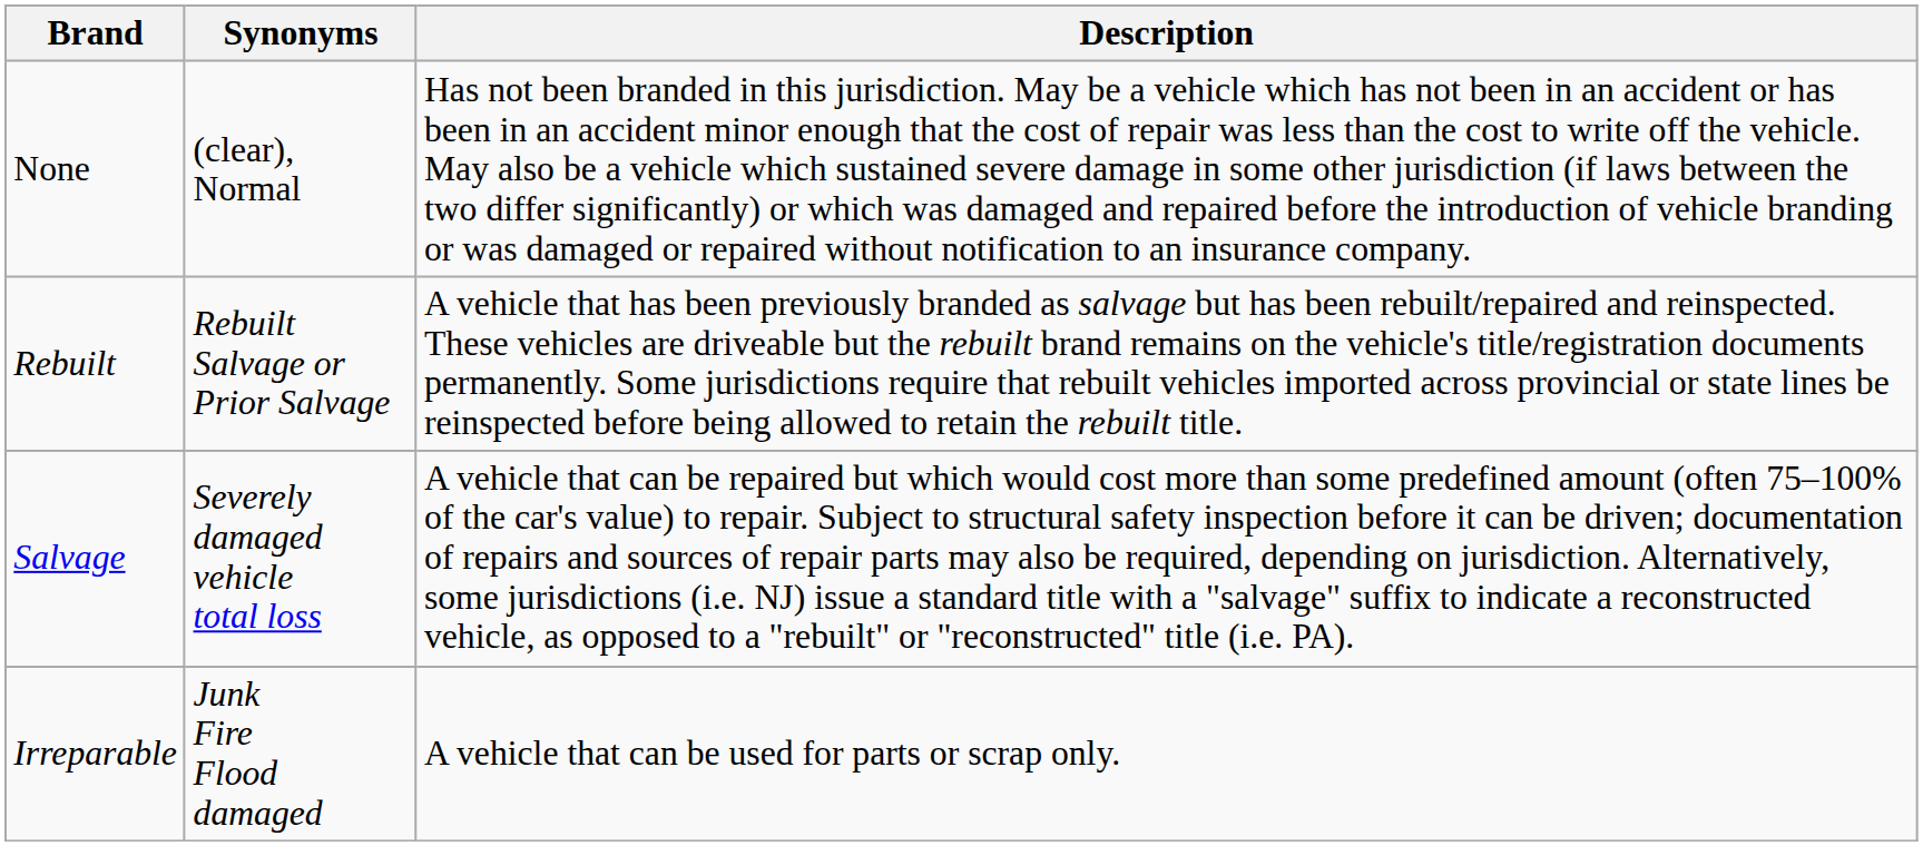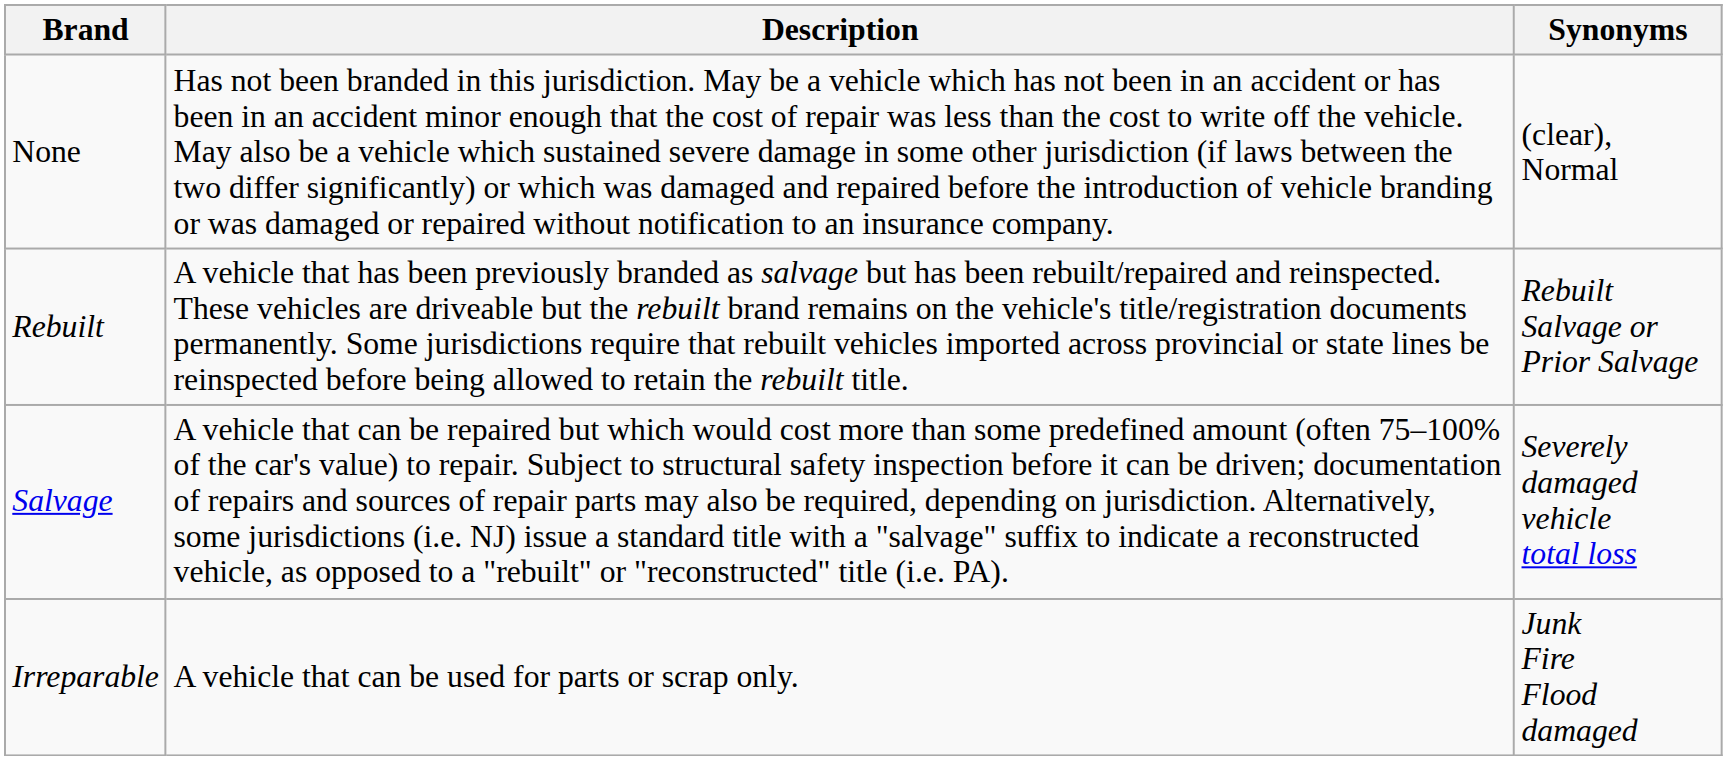 <table class=wikitable>
 <tr>
 <th>Brand</th>
+<th>Description</th>
 <th>Synonyms</th>
-<th>Description</th>
 </tr>
 <tr>
 <td>None</td>
+<td>Has not been branded in this jurisdiction. May be a vehicle which has not been in an accident or has been in an accident minor enough that the cost of repair was less than the cost to write off the vehicle. May also be a vehicle which sustained severe damage in some other jurisdiction (if laws between the two differ significantly) or which was damaged and repaired before the introduction of vehicle branding or was damaged or repaired without notification to an insurance company.</td>
 <td>(clear), Normal</td>
-<td>Has not been branded in this jurisdiction. May be a vehicle which has not been in an accident or has been in an accident minor enough that the cost of repair was less than the cost to write off the vehicle. May also be a vehicle which sustained severe damage in some other jurisdiction (if laws between the two differ significantly) or which was damaged and repaired before the introduction of vehicle branding or was damaged or repaired without notification to an insurance company.</td>
 </tr>
 <tr>
 <td><em>Rebuilt</em></td>
+<td>A vehicle that has been previously branded as <em>salvage</em> but has been rebuilt/repaired and reinspected. These vehicles are driveable but the <em>rebuilt</em> brand remains on the vehicle's title/registration documents permanently. Some jurisdictions require that rebuilt vehicles imported across provincial or state lines be reinspected before being allowed to retain the <em>rebuilt</em> title.</td>
 <td><em>Rebuilt Salvage or Prior Salvage</em></td>
-<td>A vehicle that has been previously branded as <em>salvage</em> but has been rebuilt/repaired and reinspected. These vehicles are driveable but the <em>rebuilt</em> brand remains on the vehicle's title/registration documents permanently. Some jurisdictions require that rebuilt vehicles imported across provincial or state lines be reinspected before being allowed to retain the <em>rebuilt</em> title.</td>
 </tr>
 <tr>
 <td><em><a href='#'>Salvage</a></em></td>
+<td>A vehicle that can be repaired but which would cost more than some predefined amount (often 75–100% of the car's value) to repair. Subject to structural safety inspection before it can be driven; documentation of repairs and sources of repair parts may also be required, depending on jurisdiction. Alternatively, some jurisdictions (i.e. NJ) issue a standard title with a "salvage" suffix to indicate a reconstructed vehicle, as opposed to a "rebuilt" or "reconstructed" title (i.e. PA).</td>
 <td><em>Severely damaged vehicle</em><br><em><a href='#'>total loss</a></em></td>
-<td>A vehicle that can be repaired but which would cost more than some predefined amount (often 75–100% of the car's value) to repair. Subject to structural safety inspection before it can be driven; documentation of repairs and sources of repair parts may also be required, depending on jurisdiction. Alternatively, some jurisdictions (i.e. NJ) issue a standard title with a "salvage" suffix to indicate a reconstructed vehicle, as opposed to a "rebuilt" or "reconstructed" title (i.e. PA).</td>
 </tr>
 <tr>
 <td><em>Irreparable</em></td>
+<td>A vehicle that can be used for parts or scrap only.</td>
 <td><em>Junk</em><br><em>Fire</em><br><em>Flood damaged</em></td>
-<td>A vehicle that can be used for parts or scrap only.</td>
 </tr>
 </table>
